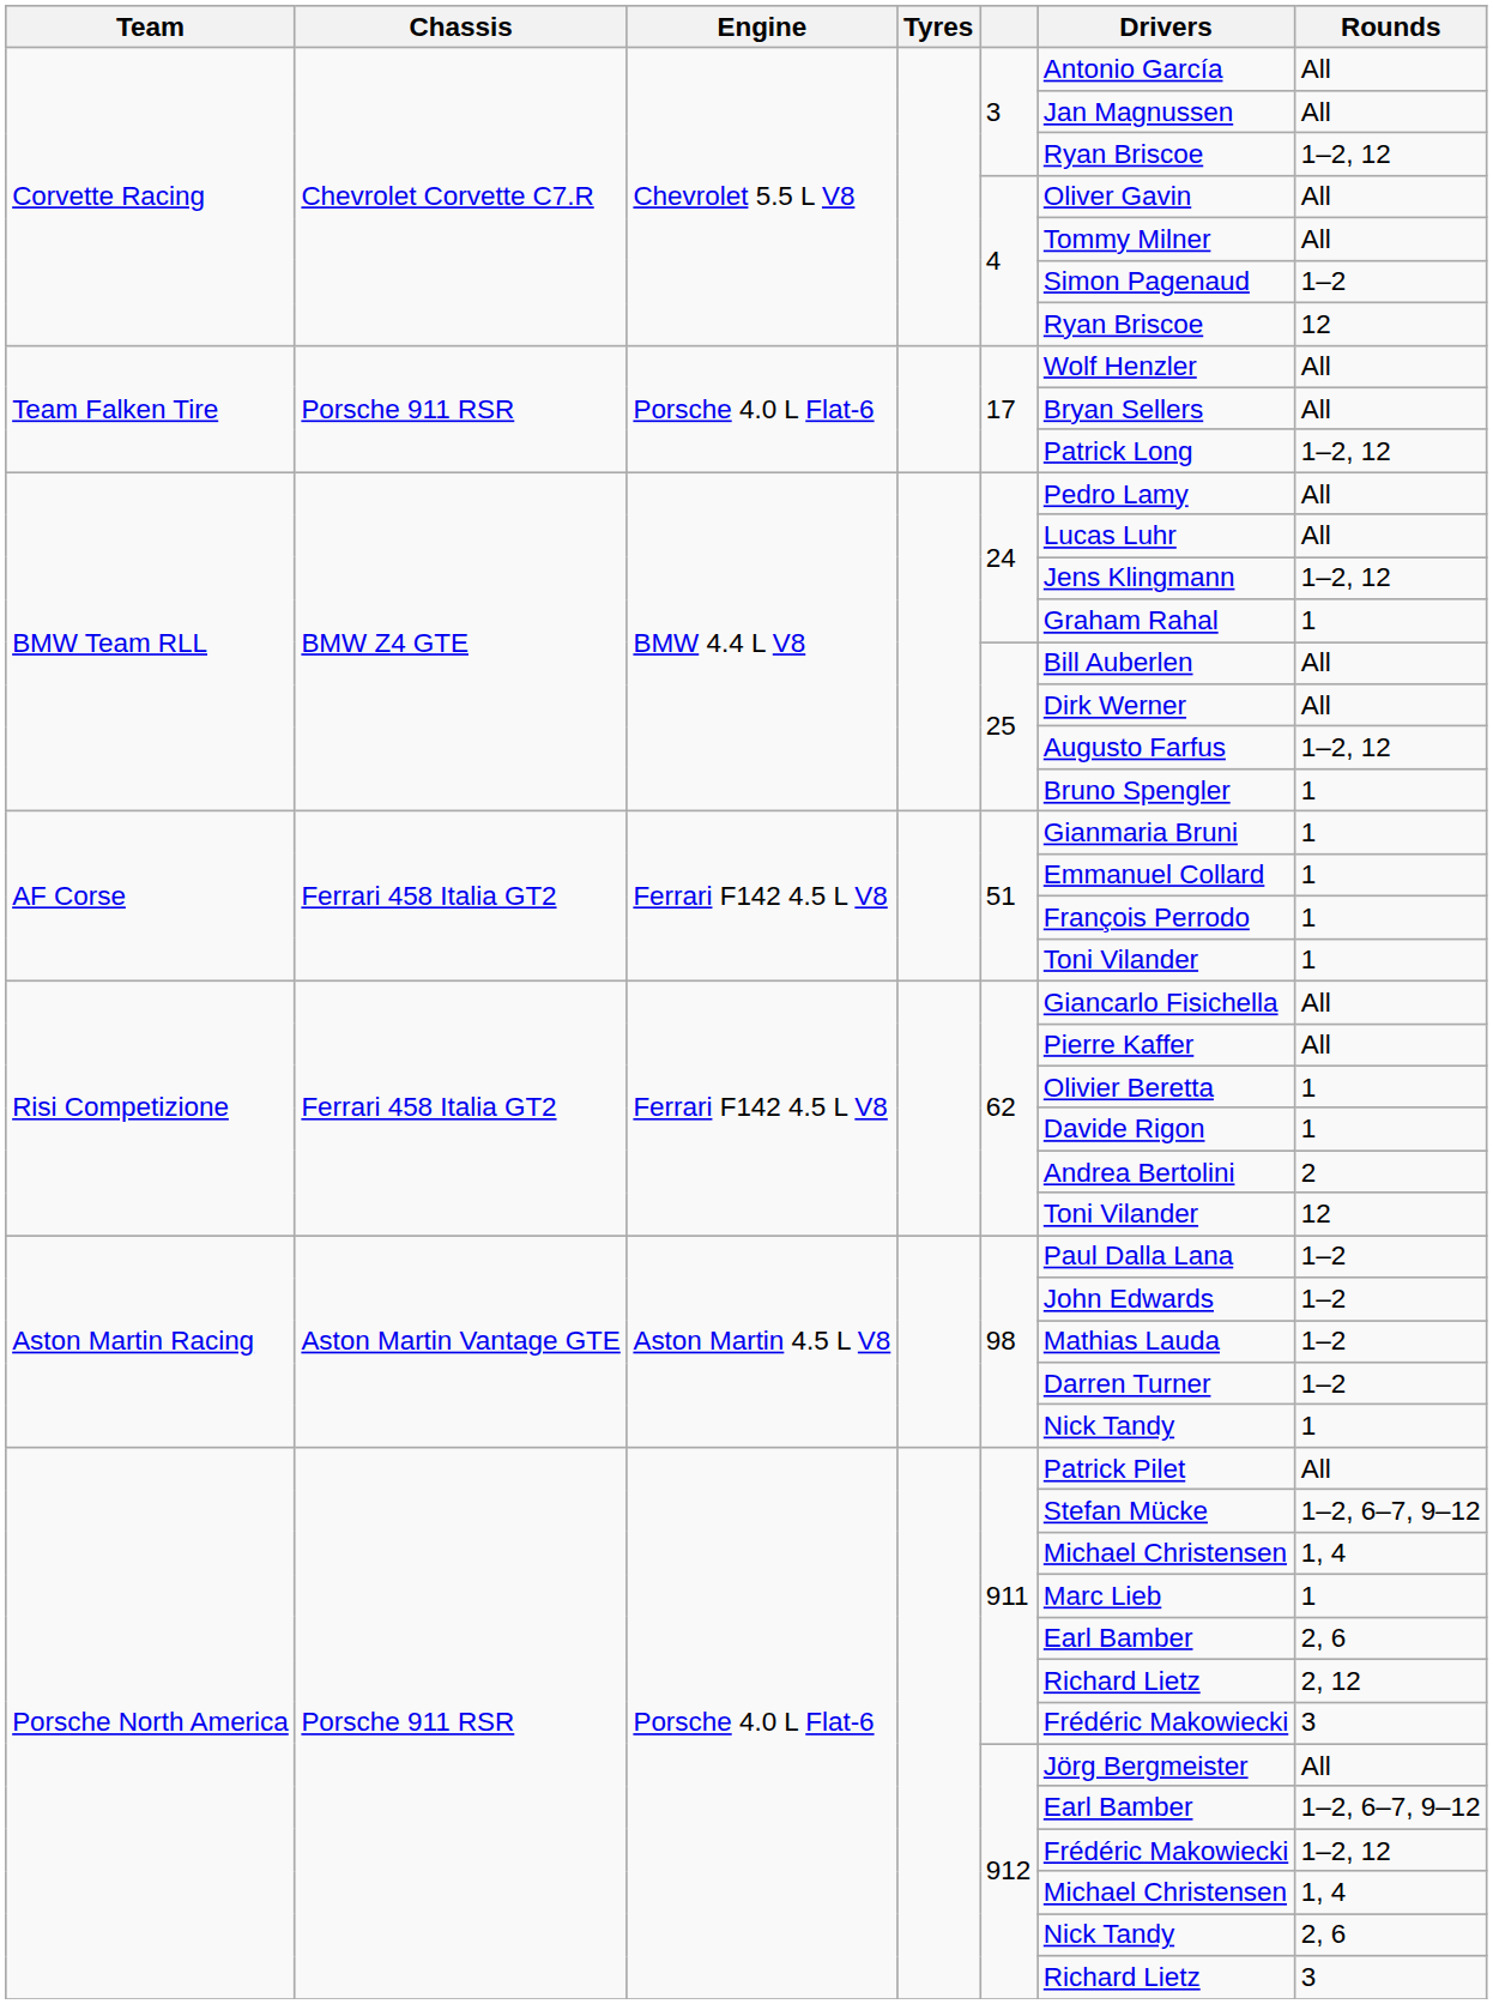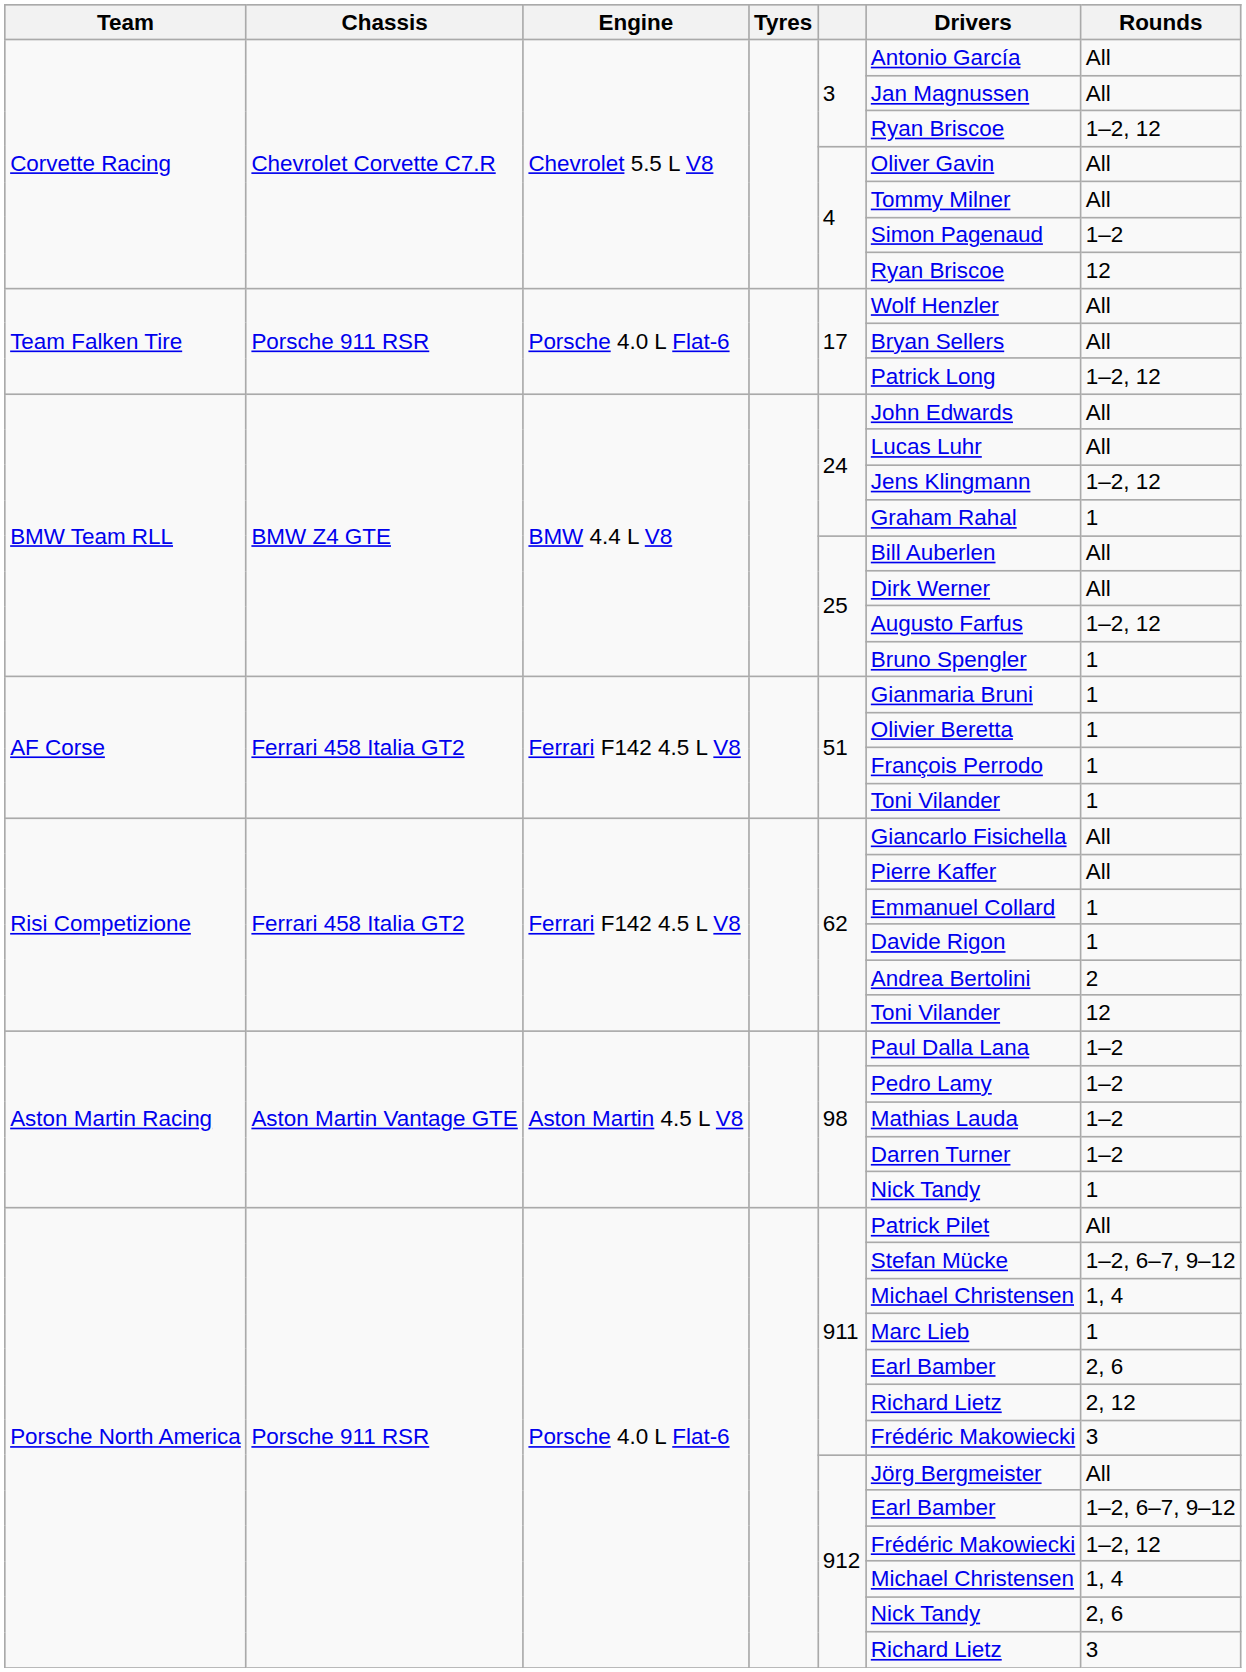 <table class="wikitable" style="font-size: 85%">
 <tr>
 <th>Team</th>
 <th>Chassis</th>
 <th>Engine</th>
 <th>Tyres</th>
 <th></th>
 <th>Drivers</th>
 <th>Rounds</th>
 </tr>
 <tr>
 <td rowspan=7> <a href='#'>Corvette Racing</a></td>
 <td rowspan=7><a href='#'>Chevrolet Corvette C7.R</a></td>
 <td rowspan=7><a href='#'>Chevrolet</a> 5.5 L <a href='#'>V8</a></td>
 <td rowspan=7></td>
 <td rowspan=3>3</td>
 <td> <a href='#'>Antonio García</a></td>
 <td>All</td>
 </tr>
 <tr>
 <td> <a href='#'>Jan Magnussen</a></td>
 <td>All</td>
 </tr>
 <tr>
 <td> <a href='#'>Ryan Briscoe</a></td>
 <td>1–2, 12</td>
 </tr>
 <tr>
 <td rowspan=4>4</td>
 <td> <a href='#'>Oliver Gavin</a></td>
 <td>All</td>
 </tr>
 <tr>
 <td> <a href='#'>Tommy Milner</a></td>
 <td>All</td>
 </tr>
 <tr>
 <td> <a href='#'>Simon Pagenaud</a></td>
 <td>1–2</td>
 </tr>
 <tr>
 <td> <a href='#'>Ryan Briscoe</a></td>
 <td>12</td>
 </tr>
 <tr>
 <td rowspan=3> <a href='#'>Team Falken Tire</a></td>
 <td rowspan=3><a href='#'>Porsche 911 RSR</a></td>
 <td rowspan=3><a href='#'>Porsche</a> 4.0 L <a href='#'>Flat-6</a></td>
 <td rowspan=3></td>
 <td rowspan=3>17</td>
 <td> <a href='#'>Wolf Henzler</a></td>
 <td>All</td>
 </tr>
 <tr>
 <td> <a href='#'>Bryan Sellers</a></td>
 <td>All</td>
 </tr>
 <tr>
 <td> <a href='#'>Patrick Long</a></td>
 <td>1–2, 12</td>
 </tr>
 <tr>
 <td rowspan=8> <a href='#'>BMW Team RLL</a></td>
 <td rowspan=8><a href='#'>BMW Z4 GTE</a></td>
 <td rowspan=8><a href='#'>BMW</a> 4.4 L <a href='#'>V8</a></td>
 <td rowspan=8></td>
 <td rowspan=4>24</td>
-<td> <a href='#'>Pedro Lamy</a></td>
+<td> <a href='#'>John Edwards</a></td>
 <td>All</td>
 </tr>
 <tr>
 <td> <a href='#'>Lucas Luhr</a></td>
 <td>All</td>
 </tr>
 <tr>
 <td> <a href='#'>Jens Klingmann</a></td>
 <td>1–2, 12</td>
 </tr>
 <tr>
 <td> <a href='#'>Graham Rahal</a></td>
 <td>1</td>
 </tr>
 <tr>
 <td rowspan=4>25</td>
 <td> <a href='#'>Bill Auberlen</a></td>
 <td>All</td>
 </tr>
 <tr>
 <td> <a href='#'>Dirk Werner</a></td>
 <td>All</td>
 </tr>
 <tr>
 <td> <a href='#'>Augusto Farfus</a></td>
 <td>1–2, 12</td>
 </tr>
 <tr>
 <td> <a href='#'>Bruno Spengler</a></td>
 <td>1</td>
 </tr>
 <tr>
 <td rowspan=4> <a href='#'>AF Corse</a></td>
 <td rowspan=4><a href='#'>Ferrari 458 Italia GT2</a></td>
 <td rowspan=4><a href='#'>Ferrari</a> F142 4.5 L <a href='#'>V8</a></td>
 <td rowspan=4></td>
 <td rowspan=4>51</td>
 <td> <a href='#'>Gianmaria Bruni</a></td>
 <td>1</td>
 </tr>
 <tr>
-<td> <a href='#'>Emmanuel Collard</a></td>
+<td> <a href='#'>Olivier Beretta</a></td>
 <td>1</td>
 </tr>
 <tr>
 <td> <a href='#'>François Perrodo</a></td>
 <td>1</td>
 </tr>
 <tr>
 <td> <a href='#'>Toni Vilander</a></td>
 <td>1</td>
 </tr>
 <tr>
 <td rowspan=6> <a href='#'>Risi Competizione</a></td>
 <td rowspan=6><a href='#'>Ferrari 458 Italia GT2</a></td>
 <td rowspan=6><a href='#'>Ferrari</a> F142 4.5 L <a href='#'>V8</a></td>
 <td rowspan=6></td>
 <td rowspan=6>62</td>
 <td> <a href='#'>Giancarlo Fisichella</a></td>
 <td>All</td>
 </tr>
 <tr>
 <td> <a href='#'>Pierre Kaffer</a></td>
 <td>All</td>
 </tr>
 <tr>
-<td> <a href='#'>Olivier Beretta</a></td>
+<td> <a href='#'>Emmanuel Collard</a></td>
 <td>1</td>
 </tr>
 <tr>
 <td> <a href='#'>Davide Rigon</a></td>
 <td>1</td>
 </tr>
 <tr>
 <td> <a href='#'>Andrea Bertolini</a></td>
 <td>2</td>
 </tr>
 <tr>
 <td> <a href='#'>Toni Vilander</a></td>
 <td>12</td>
 </tr>
 <tr>
 <td rowspan=5> <a href='#'>Aston Martin Racing</a></td>
 <td rowspan=5><a href='#'>Aston Martin Vantage GTE</a></td>
 <td rowspan=5><a href='#'>Aston Martin</a> 4.5 L <a href='#'>V8</a></td>
 <td rowspan=5></td>
 <td rowspan=5>98</td>
 <td> <a href='#'>Paul Dalla Lana</a></td>
 <td>1–2</td>
 </tr>
 <tr>
-<td> <a href='#'>John Edwards</a></td>
+<td> <a href='#'>Pedro Lamy</a></td>
 <td>1–2</td>
 </tr>
 <tr>
 <td> <a href='#'>Mathias Lauda</a></td>
 <td>1–2</td>
 </tr>
 <tr>
 <td> <a href='#'>Darren Turner</a></td>
 <td>1–2</td>
 </tr>
 <tr>
 <td> <a href='#'>Nick Tandy</a></td>
 <td>1</td>
 </tr>
 <tr>
 <td rowspan=13> <a href='#'>Porsche North America</a></td>
 <td rowspan=13><a href='#'>Porsche 911 RSR</a></td>
 <td rowspan=13><a href='#'>Porsche</a> 4.0 L <a href='#'>Flat-6</a></td>
 <td rowspan=13></td>
 <td rowspan=7>911</td>
 <td> <a href='#'>Patrick Pilet</a></td>
 <td>All</td>
 </tr>
 <tr>
 <td> <a href='#'>Stefan Mücke</a></td>
 <td>1–2, 6–7, 9–12</td>
 </tr>
 <tr>
 <td> <a href='#'>Michael Christensen</a></td>
 <td>1, 4</td>
 </tr>
 <tr>
 <td> <a href='#'>Marc Lieb</a></td>
 <td>1</td>
 </tr>
 <tr>
 <td> <a href='#'>Earl Bamber</a></td>
 <td>2, 6</td>
 </tr>
 <tr>
 <td> <a href='#'>Richard Lietz</a></td>
 <td>2, 12</td>
 </tr>
 <tr>
 <td> <a href='#'>Frédéric Makowiecki</a></td>
 <td>3</td>
 </tr>
 <tr>
 <td rowspan=6>912</td>
 <td> <a href='#'>Jörg Bergmeister</a></td>
 <td>All</td>
 </tr>
 <tr>
 <td> <a href='#'>Earl Bamber</a></td>
 <td>1–2, 6–7, 9–12</td>
 </tr>
 <tr>
 <td> <a href='#'>Frédéric Makowiecki</a></td>
 <td>1–2, 12</td>
 </tr>
 <tr>
 <td> <a href='#'>Michael Christensen</a></td>
 <td>1, 4</td>
 </tr>
 <tr>
 <td> <a href='#'>Nick Tandy</a></td>
 <td>2, 6</td>
 </tr>
 <tr>
 <td> <a href='#'>Richard Lietz</a></td>
 <td>3</td>
 </tr>
 </table>
